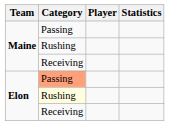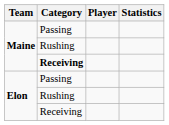 <table class="wikitable" style="float: right;">
 <tr>
 <th>Team</th>
 <th>Category</th>
 <th>Player</th>
 <th>Statistics</th>
 </tr>
 <tr>
 <td rowspan=3><strong>Maine</strong></td>
 <td>Passing</td>
 <td></td>
 <td></td>
 </tr>
 <tr>
 <td>Rushing</td>
 <td></td>
 <td></td>
 </tr>
 <tr>
-<td>Receiving</td>
+<td><strong>Receiving</strong></td>
 <td></td>
 <td></td>
 </tr>
 <tr>
 <td rowspan=3><strong>Elon</strong></td>
-<td style="background: lightsalmon;">Passing</td>
+<td>Passing</td>
 <td></td>
 <td></td>
 </tr>
 <tr>
-<td style="background: lightyellow;">Rushing</td>
+<td>Rushing</td>
 <td></td>
 <td></td>
 </tr>
 <tr>
 <td>Receiving</td>
 <td></td>
 <td></td>
 </tr>
 </table>
